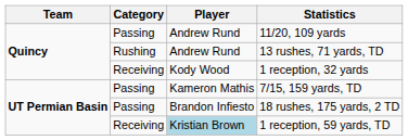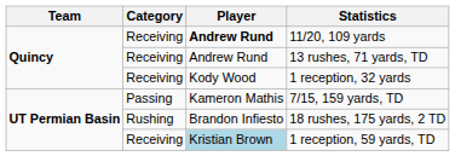 <table class="wikitable" style="float: right;">
 <tr>
 <th>Team</th>
 <th>Category</th>
 <th>Player</th>
 <th>Statistics</th>
 </tr>
 <tr>
 <td rowspan=3><strong>Quincy</strong></td>
-<td>Passing</td>
-<td>Andrew Rund</td>
+<td>Receiving</td>
+<td><strong>Andrew Rund</strong></td>
 <td>11/20, 109 yards</td>
 </tr>
 <tr>
-<td>Rushing</td>
+<td>Receiving</td>
 <td>Andrew Rund</td>
 <td>13 rushes, 71 yards, TD</td>
 </tr>
 <tr>
 <td>Receiving</td>
 <td>Kody Wood</td>
 <td>1 reception, 32 yards</td>
 </tr>
 <tr>
 <td rowspan=3><strong>UT Permian Basin</strong></td>
 <td>Passing</td>
 <td>Kameron Mathis</td>
 <td>7/15, 159 yards, TD</td>
 </tr>
 <tr>
-<td>Passing</td>
+<td>Rushing</td>
 <td>Brandon Infiesto</td>
 <td>18 rushes, 175 yards, 2 TD</td>
 </tr>
 <tr>
 <td>Receiving</td>
 <td style="background: lightblue;">Kristian Brown</td>
 <td>1 reception, 59 yards, TD</td>
 </tr>
 </table>
